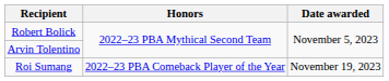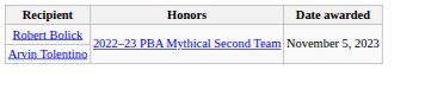 <table class="wikitable sortable sortable" style="text-align: center">
 <tr>
 <th>Recipient</th>
 <th>Honors</th>
 <th>Date awarded</th>
 </tr>
 <tr>
 <td><a href='#'>Robert Bolick</a></td>
 <td rowspan=2><a href='#'>2022–23 PBA Mythical Second Team</a></td>
 <td rowspan=2>November 5, 2023</td>
 </tr>
 <tr>
 <td><a href='#'>Arvin Tolentino</a></td>
 </tr>
-<tr>
-<td><a href='#'>Roi Sumang</a></td>
-<td><a href='#'>2022–23 PBA Comeback Player of the Year</a></td>
-<td>November 19, 2023</td>
-</tr>
 </table>
